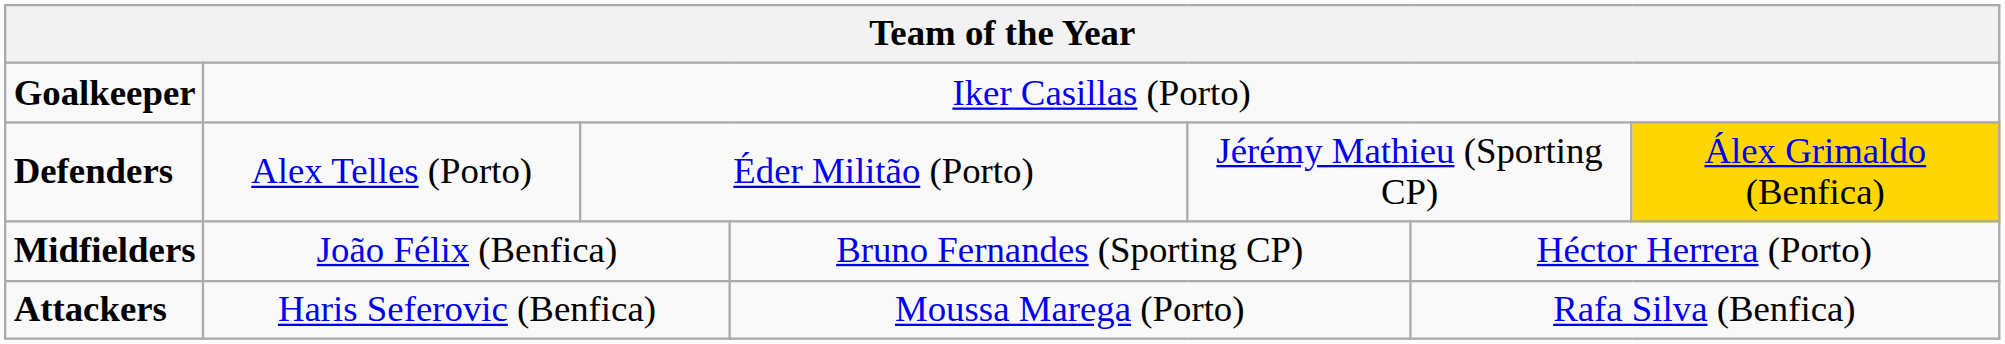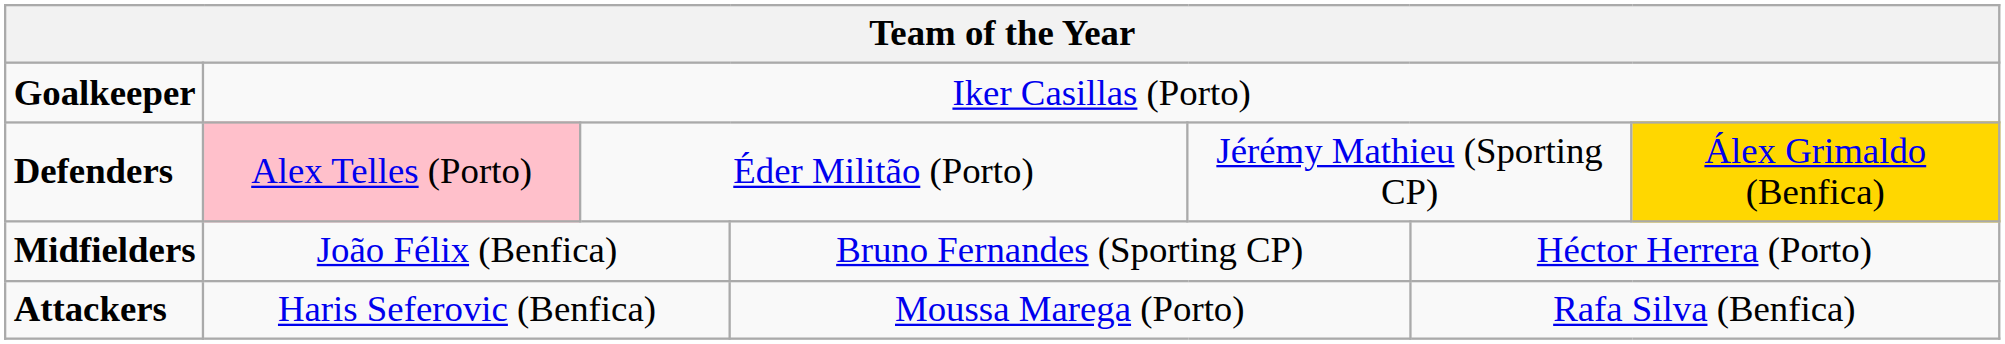 <table class="wikitable">
 <tr>
 <th colspan="7">Team of the Year</th>
 </tr>
 <tr>
 <td><strong>Goalkeeper</strong></td>
 <td colspan="6" align="center"> <a href='#'>Iker Casillas</a> (Porto)</td>
 </tr>
 <tr>
 <td><strong>Defenders</strong></td>
-<td align="center"> <a href='#'>Alex Telles</a> (Porto)</td>
+<td align="center" style="background: pink;"> <a href='#'>Alex Telles</a> (Porto)</td>
 <td colspan="2" align="center"> <a href='#'>Éder Militão</a> (Porto)</td>
 <td colspan="2" align="center"> <a href='#'>Jérémy Mathieu</a> (Sporting CP)</td>
 <td align="center" style="background: gold;"> <a href='#'>Álex Grimaldo</a> (Benfica)</td>
 </tr>
 <tr>
 <td><strong>Midfielders</strong></td>
 <td colspan="2" align="center"> <a href='#'>João Félix</a> (Benfica)</td>
 <td colspan="2" align="center"> <a href='#'>Bruno Fernandes</a> (Sporting CP)</td>
 <td colspan="2" align="center"> <a href='#'>Héctor Herrera</a> (Porto)</td>
 </tr>
 <tr>
 <td><strong>Attackers</strong></td>
 <td colspan="2" align="center"> <a href='#'>Haris Seferovic</a> (Benfica)</td>
 <td colspan="2" align="center"> <a href='#'>Moussa Marega</a> (Porto)</td>
 <td colspan="2" align="center"> <a href='#'>Rafa Silva</a> (Benfica)</td>
 </tr>
 </table>
